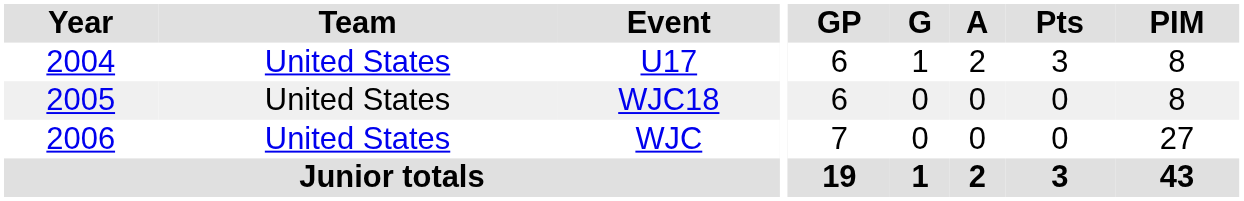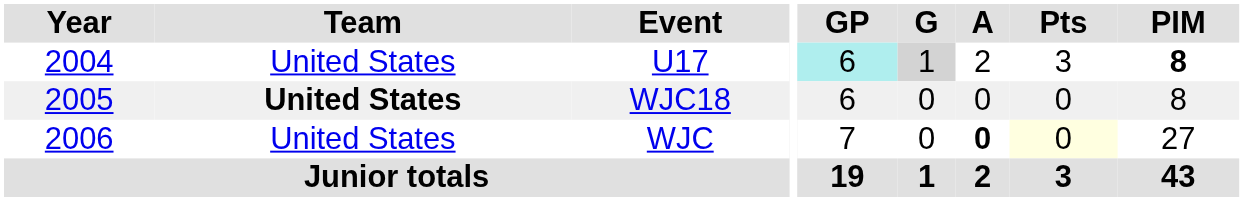 <table border="0" cellpadding="1" cellspacing="0" ID="Table3" style="text-align:center; width:40em">
 <tr ALIGN="center" bgcolor="#e0e0e0">
 <th>Year</th>
 <th>Team</th>
 <th>Event</th>
 <th rowspan="99" bgcolor="#ffffff"></th>
 <th>GP</th>
 <th>G</th>
 <th>A</th>
 <th>Pts</th>
 <th>PIM</th>
 </tr>
 <tr>
 <td><a href='#'>2004</a></td>
 <td><a href='#'>United States</a></td>
 <td><a href='#'>U17</a></td>
-<td>6</td>
-<td>1</td>
+<td style="background: paleturquoise;">6</td>
+<td style="background: lightgrey;">1</td>
 <td>2</td>
 <td>3</td>
-<td>8</td>
+<td><strong>8</strong></td>
 </tr>
 <tr bgcolor="#f0f0f0">
 <td><a href='#'>2005</a></td>
-<td>United States</td>
+<td><strong>United States</strong></td>
 <td><a href='#'>WJC18</a></td>
 <td>6</td>
 <td>0</td>
 <td>0</td>
 <td>0</td>
 <td>8</td>
 </tr>
 <tr>
 <td><a href='#'>2006</a></td>
 <td><a href='#'>United States</a></td>
 <td><a href='#'>WJC</a></td>
 <td>7</td>
 <td>0</td>
-<td>0</td>
-<td>0</td>
+<td><strong>0</strong></td>
+<td style="background: lightyellow;">0</td>
 <td>27</td>
 </tr>
 <tr bgcolor="#e0e0e0">
 <th colspan="3">Junior totals</th>
 <th>19</th>
 <th>1</th>
 <th>2</th>
 <th>3</th>
 <th>43</th>
 </tr>
 </table>
